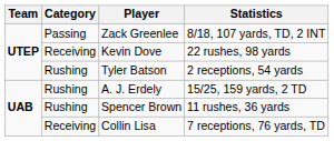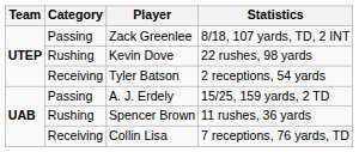 <table class="wikitable" style="float: left;">
 <tr>
 <th>Team</th>
 <th>Category</th>
 <th>Player</th>
 <th>Statistics</th>
 </tr>
 <tr>
 <td rowspan=3><strong>UTEP</strong></td>
 <td>Passing</td>
 <td>Zack Greenlee</td>
 <td>8/18, 107 yards, TD, 2 INT</td>
 </tr>
 <tr>
-<td>Receiving</td>
+<td>Rushing</td>
 <td>Kevin Dove</td>
 <td>22 rushes, 98 yards</td>
 </tr>
 <tr>
-<td>Rushing</td>
+<td>Receiving</td>
 <td>Tyler Batson</td>
 <td>2 receptions, 54 yards</td>
 </tr>
 <tr>
 <td rowspan=3><strong>UAB</strong></td>
-<td>Rushing</td>
+<td>Passing</td>
 <td>A. J. Erdely</td>
 <td>15/25, 159 yards, 2 TD</td>
 </tr>
 <tr>
 <td>Rushing</td>
 <td>Spencer Brown</td>
 <td>11 rushes, 36 yards</td>
 </tr>
 <tr>
 <td>Receiving</td>
 <td>Collin Lisa</td>
 <td>7 receptions, 76 yards, TD</td>
 </tr>
 </table>
